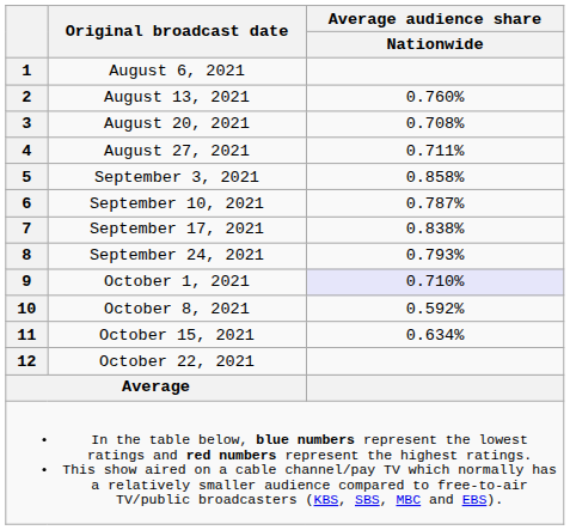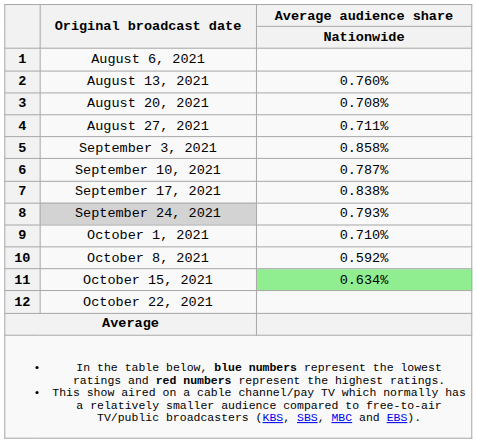 <table class="wikitable" style="text-align:center;max-width:450px; margin-left: auto; margin-right: auto; border: none">
 <tr>
 <th rowspan="2"></th>
 <th rowspan="2">Original broadcast date</th>
 <th>Average audience share</th>
 </tr>
 <tr>
 <th>Nationwide</th>
 </tr>
 <tr>
 <th>1</th>
 <td>August 6, 2021</td>
 <td><strong></strong> </td>
 </tr>
 <tr>
 <th>2</th>
 <td>August 13, 2021</td>
 <td>0.760% </td>
 </tr>
 <tr>
 <th>3</th>
 <td>August 20, 2021</td>
 <td>0.708% </td>
 </tr>
 <tr>
 <th>4</th>
 <td>August 27, 2021</td>
 <td>0.711% </td>
 </tr>
 <tr>
 <th>5</th>
 <td>September 3, 2021</td>
 <td>0.858% </td>
 </tr>
 <tr>
 <th>6</th>
 <td>September 10, 2021</td>
 <td>0.787% </td>
 </tr>
 <tr>
 <th>7</th>
 <td>September 17, 2021</td>
 <td>0.838% </td>
 </tr>
 <tr>
 <th>8</th>
-<td>September 24, 2021</td>
+<td style="background: lightgrey;">September 24, 2021</td>
 <td>0.793% </td>
 </tr>
 <tr>
 <th>9</th>
 <td>October 1, 2021</td>
-<td style="background: lavender;">0.710% </td>
+<td>0.710% </td>
 </tr>
 <tr>
 <th>10</th>
 <td>October 8, 2021</td>
 <td>0.592% </td>
 </tr>
 <tr>
 <th>11</th>
 <td>October 15, 2021</td>
-<td>0.634% </td>
+<td style="background: lightgreen;">0.634% </td>
 </tr>
 <tr>
 <th>12</th>
 <td>October 22, 2021</td>
 <td><strong></strong> </td>
 </tr>
 <tr>
 <th colspan="2">Average</th>
 <th></th>
 </tr>
 <tr>
 <td colspan="3" style="font-size:85%"><br><ul><li>In the table below, <span><strong>blue numbers</strong></span> represent the lowest ratings and <span><strong>red numbers</strong></span> represent the highest ratings.</li><li>This show aired on a cable channel/pay TV which normally has a relatively smaller audience compared to free-to-air TV/public broadcasters (<a href='#'>KBS</a>, <a href='#'>SBS</a>, <a href='#'>MBC</a> and <a href='#'>EBS</a>).</li></ul></td>
 </tr>
 </table>
